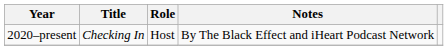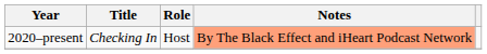 <table class="wikitable">
 <tr>
 <th scope="col">Year</th>
 <th scope="col">Title</th>
 <th scope="col">Role</th>
 <th scope="col">Notes</th>
 <th scope="col"></th>
 </tr>
 <tr>
 <td>2020–present</td>
 <td><em>Checking In</em></td>
 <td>Host</td>
-<td>By The Black Effect and iHeart Podcast Network</td>
+<td style="background: lightsalmon;">By The Black Effect and iHeart Podcast Network</td>
 <td style="text-align: center;"></td>
 </tr>
 <tr>
 </tr>
 </table>
